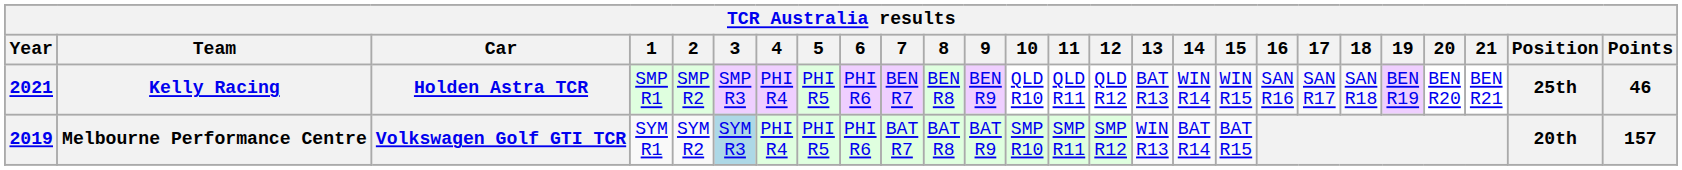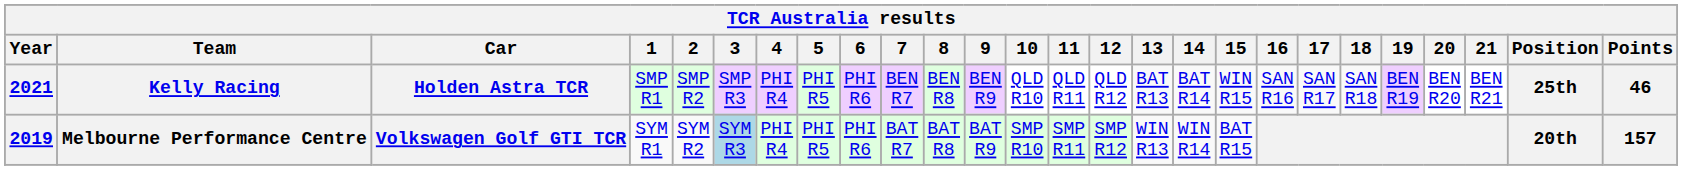 <table class="wikitable" style="text-align:center; font-size:75%">
 <tr>
 <th colspan=45><a href='#'>TCR Australia</a> results</th>
 </tr>
 <tr>
 <th>Year</th>
 <th>Team</th>
 <th>Car</th>
 <th>1</th>
 <th>2</th>
 <th>3</th>
 <th>4</th>
 <th>5</th>
 <th>6</th>
 <th>7</th>
 <th>8</th>
 <th>9</th>
 <th>10</th>
 <th>11</th>
 <th>12</th>
 <th>13</th>
 <th>14</th>
 <th>15</th>
 <th>16</th>
 <th>17</th>
 <th>18</th>
 <th>19</th>
 <th>20</th>
 <th>21</th>
 <th>Position</th>
 <th>Points</th>
 </tr>
 <tr>
 <th><a href='#'>2021</a></th>
 <th><a href='#'>Kelly Racing</a></th>
 <th><a href='#'>Holden Astra TCR</a></th>
 <td style=background:#dfffdf><a href='#'>SMP<br>R1</a><br></td>
 <td style=background:#dfffdf><a href='#'>SMP<br>R2</a><br></td>
 <td style=background:#efcfff><a href='#'>SMP<br>R3</a><br></td>
 <td style=background:#efcfff><a href='#'>PHI<br>R4</a><br></td>
 <td style=background:#dfffdf><a href='#'>PHI<br>R5</a><br></td>
 <td style=background:#efcfff><a href='#'>PHI<br>R6</a><br></td>
 <td style=background:#efcfff><a href='#'>BEN<br>R7</a><br></td>
 <td style=background:#dfffdf><a href='#'>BEN<br>R8</a><br></td>
 <td style=background:#efcfff><a href='#'>BEN<br>R9</a><br></td>
 <td style=background:#ffffff><a href='#'>QLD<br>R10</a><br></td>
 <td style=background:#ffffff><a href='#'>QLD<br>R11</a><br></td>
 <td style=background:#ffffff><a href='#'>QLD<br>R12</a><br></td>
 <td><a href='#'>BAT<br>R13</a></td>
-<td><a href='#'>WIN<br>R14</a></td>
+<td><a href='#'>BAT<br>R14</a></td>
 <td><a href='#'>WIN<br>R15</a></td>
 <td><a href='#'>SAN<br>R16</a></td>
 <td><a href='#'>SAN<br>R17</a></td>
 <td><a href='#'>SAN<br>R18</a></td>
 <td style=background:#efcfff><a href='#'>BEN<br>R19</a><br></td>
 <td style=background:#ffffff><a href='#'>BEN<br>R20</a><br></td>
 <td style=background:#ffffff><a href='#'>BEN<br>R21</a><br></td>
 <th>25th</th>
 <th>46</th>
 </tr>
 <tr>
 <th><a href='#'>2019</a></th>
 <th>Melbourne Performance Centre</th>
 <th><a href='#'>Volkswagen Golf GTI TCR</a></th>
 <td><a href='#'>SYM<br>R1</a></td>
 <td><a href='#'>SYM<br>R2</a></td>
 <td style="background: lightblue;"><a href='#'>SYM<br>R3</a></td>
 <td style="background:#dfffdf"><a href='#'>PHI<br>R4</a><br></td>
 <td style="background:#dfffdf"><a href='#'>PHI<br>R5</a><br></td>
 <td style="background:#dfffdf"><a href='#'>PHI<br>R6</a><br></td>
 <td style="background:#dfffdf"><a href='#'>BAT<br>R7</a><br></td>
 <td style="background:#dfffdf"><a href='#'>BAT<br>R8</a><br></td>
 <td style="background:#dfffdf"><a href='#'>BAT<br>R9</a><br></td>
 <td style="background:#dfffdf"><a href='#'>SMP<br>R10</a><br></td>
 <td style="background:#dfffdf"><a href='#'>SMP<br>R11</a><br></td>
 <td style="background:#dfffdf"><a href='#'>SMP<br>R12</a><br></td>
 <td><a href='#'>WIN<br>R13</a></td>
-<td><a href='#'>BAT<br>R14</a></td>
+<td><a href='#'>WIN<br>R14</a></td>
 <td><a href='#'>BAT<br>R15</a></td>
 <th colspan=6></th>
 <th>20th</th>
 <th>157</th>
 </tr>
 </table>
